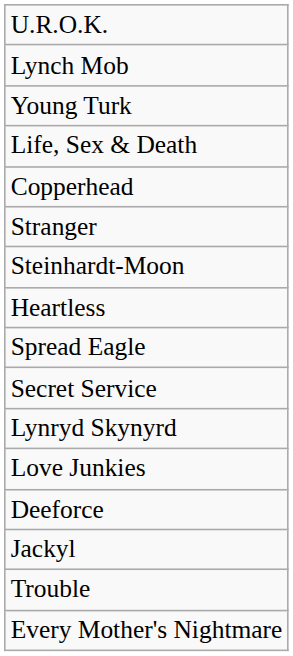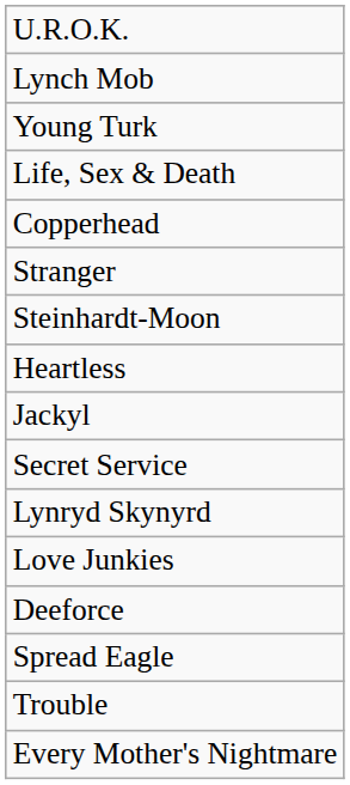 <table class="wikitable">
 <tr>
 <td>U.R.O.K.</td>
 </tr>
 <tr>
 <td>Lynch Mob</td>
 </tr>
 <tr>
 <td>Young Turk</td>
 </tr>
 <tr>
 <td>Life, Sex & Death</td>
 </tr>
 <tr>
 <td>Copperhead</td>
 </tr>
 <tr>
 <td>Stranger</td>
 </tr>
 <tr>
 <td>Steinhardt-Moon</td>
 </tr>
 <tr>
 <td>Heartless</td>
 </tr>
 <tr>
-<td>Spread Eagle</td>
+<td>Jackyl</td>
 </tr>
 <tr>
 <td>Secret Service</td>
 </tr>
 <tr>
 <td>Lynryd Skynyrd</td>
 </tr>
 <tr>
 <td>Love Junkies</td>
 </tr>
 <tr>
 <td>Deeforce</td>
 </tr>
 <tr>
-<td>Jackyl</td>
+<td>Spread Eagle</td>
 </tr>
 <tr>
 <td>Trouble</td>
 </tr>
 <tr>
 <td>Every Mother's Nightmare</td>
 </tr>
 </table>
